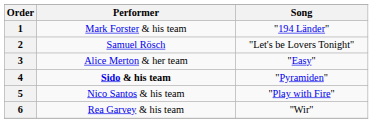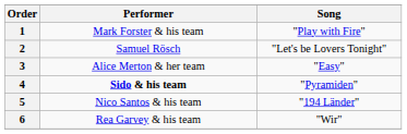 <table class="wikitable" style="text-align:center; width:45%;">
 <tr>
 </tr>
 <tr>
 <th style="width:01%;">Order</th>
 <th style="width:60%;">Performer</th>
 <th style="width:39%;">Song</th>
 </tr>
 <tr>
 <th>1</th>
 <td><a href='#'>Mark Forster</a> & his team<br></td>
-<td>"<a href='#'>194 Länder</a>"</td>
+<td>"<a href='#'>Play with Fire</a>"</td>
 </tr>
 <tr>
 <th>2</th>
 <td><a href='#'>Samuel Rösch</a></td>
 <td>"Let's be Lovers Tonight"</td>
 </tr>
 <tr>
 <th>3</th>
 <td><a href='#'>Alice Merton</a> & her team<br></td>
 <td>"<a href='#'>Easy</a>"</td>
 </tr>
 <tr>
 <th>4</th>
 <td><strong><a href='#'>Sido</a> & his team<br></strong></td>
 <td>"<a href='#'>Pyramiden</a>"</td>
 </tr>
 <tr>
 <th>5</th>
 <td><a href='#'>Nico Santos</a> & his team<br></td>
-<td>"<a href='#'>Play with Fire</a>"</td>
+<td>"<a href='#'>194 Länder</a>"</td>
 </tr>
 <tr>
 <th>6</th>
 <td><a href='#'>Rea Garvey</a> & his team<br></td>
 <td>"Wir"</td>
 </tr>
 <tr>
 </tr>
 </table>
